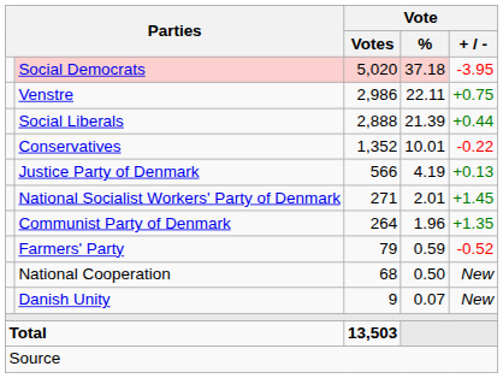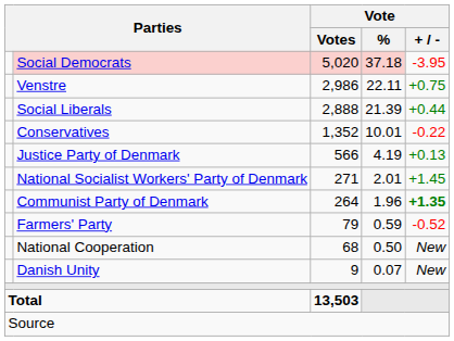 <table class="wikitable" style="text-align:right;">
 <tr>
 <th style="text-align:centre;" rowspan="2" colspan="2" width="225">Parties</th>
 <th colspan="3">Vote</th>
 </tr>
 <tr>
 <th width="15">Votes</th>
 <th width="15">%</th>
 <th width="15">+ / -</th>
 </tr>
 <tr>
 <td width="2" style="color:inherit;background:"></td>
 <td bgcolor=#fbd0ce  align="left"><a href='#'>Social Democrats</a></td>
 <td bgcolor=#fbd0ce>5,020</td>
 <td bgcolor=#fbd0ce>37.18</td>
 <td style=color:red;>-3.95</td>
 </tr>
 <tr>
 <td width="2" style="color:inherit;background:"></td>
 <td align="left"><a href='#'>Venstre</a></td>
 <td>2,986</td>
 <td>22.11</td>
 <td style=color:green;>+0.75</td>
 </tr>
 <tr>
 <td width="2" style="color:inherit;background:"></td>
 <td align="left"><a href='#'>Social Liberals</a></td>
 <td>2,888</td>
 <td>21.39</td>
 <td style=color:green;>+0.44</td>
 </tr>
 <tr>
 <td width="2" style="color:inherit;background:"></td>
 <td align="left"><a href='#'>Conservatives</a></td>
 <td>1,352</td>
 <td>10.01</td>
 <td style=color:red;>-0.22</td>
 </tr>
 <tr>
 <td width="2" style="color:inherit;background:"></td>
 <td align="left"><a href='#'>Justice Party of Denmark</a></td>
 <td>566</td>
 <td>4.19</td>
 <td style=color:green;>+0.13</td>
 </tr>
 <tr>
 <td width="2" style="color:inherit;background:"></td>
 <td align="left"><a href='#'>National Socialist Workers' Party of Denmark</a></td>
 <td>271</td>
 <td>2.01</td>
 <td style=color:green;>+1.45</td>
 </tr>
 <tr>
 <td width="2" style="color:inherit;background:"></td>
 <td align="left"><a href='#'>Communist Party of Denmark</a></td>
 <td>264</td>
 <td>1.96</td>
-<td style=color:green;>+1.35</td>
+<td style=color:green;><strong>+1.35</strong></td>
 </tr>
 <tr>
 <td width="2" style="color:inherit;background:"></td>
 <td align="left"><a href='#'>Farmers' Party</a></td>
 <td>79</td>
 <td>0.59</td>
 <td style=color:red;>-0.52</td>
 </tr>
 <tr>
 <td width="2" style="color:inherit;background:"></td>
 <td align="left">National Cooperation</td>
 <td>68</td>
 <td>0.50</td>
 <td><em>New</em></td>
 </tr>
 <tr>
 <td width="2" style="color:inherit;background:"></td>
 <td align="left"><a href='#'>Danish Unity</a></td>
 <td>9</td>
 <td>0.07</td>
 <td><em>New</em></td>
 </tr>
 <tr>
 <td colspan="7" bgcolor="#E9E9E9"></td>
 </tr>
 <tr>
 <td align="left" colspan="2"><strong>Total</strong></td>
 <td><strong>13,503</strong></td>
 <td bgcolor="#E9E9E9" colspan="2"></td>
 </tr>
 <tr>
 <td align="left" colspan="6">Source</td>
 </tr>
 </table>
